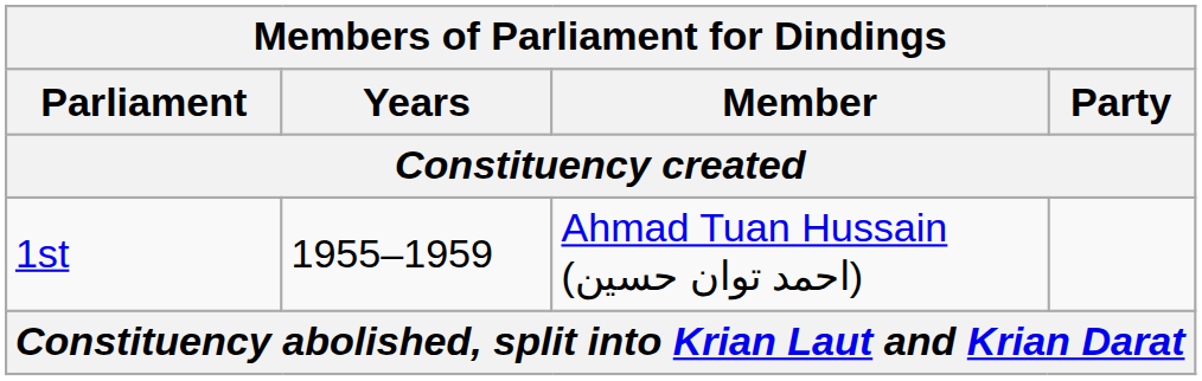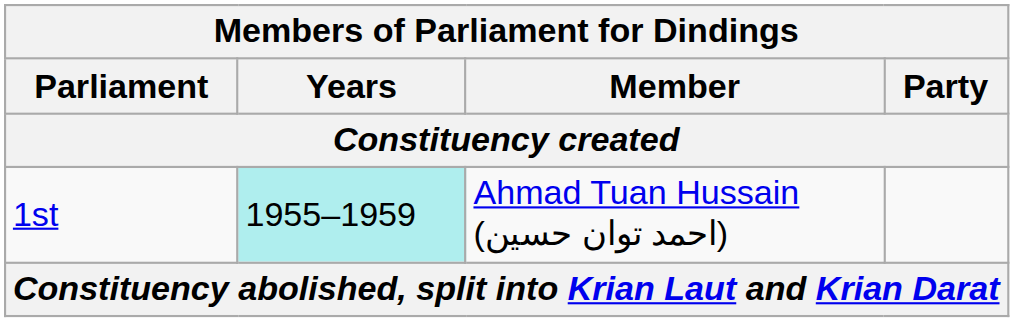 <table class="wikitable">
 <tr>
 <th colspan="4">Members of Parliament for Dindings</th>
 </tr>
 <tr>
 <th>Parliament</th>
 <th>Years</th>
 <th>Member</th>
 <th>Party</th>
 </tr>
 <tr>
 <th colspan="4"><em>Constituency created</em></th>
 </tr>
 <tr>
 <td><a href='#'>1st</a></td>
-<td>1955–1959</td>
+<td style="background: paleturquoise;">1955–1959</td>
 <td><a href='#'>Ahmad Tuan Hussain</a>  <br>(احمد توان حسين)</td>
 <td></td>
 </tr>
 <tr>
 <th colspan="4"><em>Constituency abolished, split into <a href='#'>Krian Laut</a> and <a href='#'>Krian Darat</a></em></th>
 </tr>
 </table>
